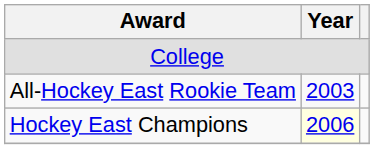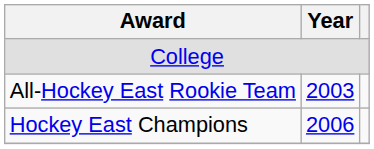 <table class="wikitable">
 <tr>
 <th>Award</th>
 <th>Year</th>
 <th></th>
 </tr>
 <tr ALIGN="center" bgcolor="#e0e0e0">
 <td colspan="3"><a href='#'>College</a></td>
 </tr>
 <tr>
 <td>All-<a href='#'>Hockey East</a> <a href='#'>Rookie Team</a></td>
 <td><a href='#'>2003</a></td>
 <td></td>
 </tr>
 <tr>
 <td><a href='#'>Hockey East</a> Champions</td>
-<td style="background: lightyellow;"><a href='#'>2006</a></td>
+<td><a href='#'>2006</a></td>
 <td></td>
 </tr>
 <tr>
 </tr>
 </table>
